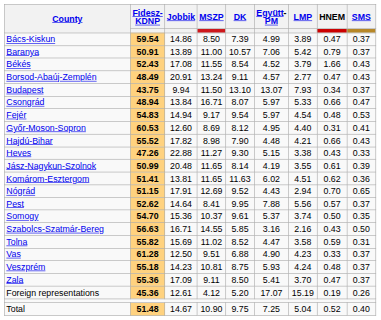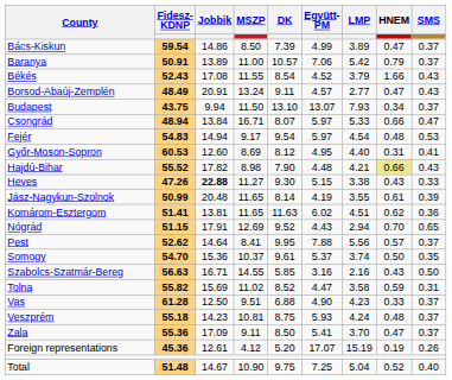 <table class="wikitable sortable" style="text-align:center;font-size:90%;line-height:14px">
 <tr style="height:40px;">
 <th style="width:200px;" rowspan="2"><a href='#'>County</a></th>
 <th style="width:40px;"><a href='#'>Fidesz-KDNP</a></th>
 <th style="width:40px;"><a href='#'>Jobbik</a></th>
 <th style="width:40px;"><a href='#'>MSZP</a></th>
 <th style="width:40px;"><a href='#'>DK</a></th>
 <th style="width:40px;"><a href='#'>Együtt</a>-<a href='#'>PM</a></th>
 <th style="width:40px;"><a href='#'>LMP</a></th>
 <th style="width:40px;">HNEM</th>
 <th style="width:40px;"><a href='#'>SMS</a></th>
 </tr>
 <tr>
 <th style="color:inherit;background:"></th>
 <th style="color:inherit;background:"></th>
 <th style="color:inherit;background:#CE171B;"></th>
 <th style="color:inherit;background:"></th>
 <th style="color:inherit;background:"></th>
 <th style="color:inherit;background:"></th>
 <th style="color:inherit;background:#CC0000;"></th>
 <th style="color:inherit;background:#b78727;"></th>
 </tr>
 <tr>
 <td align="left"><a href='#'>Bács-Kiskun</a></td>
 <td style="background:#ffd27f;"><strong>59.54</strong></td>
 <td>14.86</td>
 <td>8.50</td>
 <td>7.39</td>
 <td>4.99</td>
 <td>3.89</td>
 <td>0.47</td>
 <td>0.37</td>
 </tr>
 <tr>
 <td align="left"><a href='#'>Baranya</a></td>
 <td style="background:#ffd27f;"><strong>50.91</strong></td>
 <td>13.89</td>
 <td>11.00</td>
 <td>10.57</td>
 <td>7.06</td>
 <td>5.42</td>
 <td>0.79</td>
 <td>0.37</td>
 </tr>
 <tr>
 <td align="left"><a href='#'>Békés</a></td>
 <td style="background:#ffd27f;"><strong>52.43</strong></td>
 <td>17.08</td>
 <td>11.55</td>
 <td>8.54</td>
 <td>4.52</td>
 <td>3.79</td>
 <td>1.66</td>
 <td>0.43</td>
 </tr>
 <tr>
 <td align="left"><a href='#'>Borsod-Abaúj-Zemplén</a></td>
 <td style="background:#ffd27f;"><strong>48.49</strong></td>
 <td>20.91</td>
 <td>13.24</td>
 <td>9.11</td>
 <td>4.57</td>
 <td>2.77</td>
 <td>0.47</td>
 <td>0.43</td>
 </tr>
 <tr>
 <td align="left"><a href='#'>Budapest</a></td>
 <td style="background:#ffd27f;"><strong>43.75</strong></td>
 <td>9.94</td>
 <td>11.50</td>
 <td>13.10</td>
 <td>13.07</td>
 <td>7.93</td>
 <td>0.34</td>
 <td>0.37</td>
 </tr>
 <tr>
 <td align="left"><a href='#'>Csongrád</a></td>
 <td style="background:#ffd27f;"><strong>48.94</strong></td>
 <td>13.84</td>
 <td>16.71</td>
 <td>8.07</td>
 <td>5.97</td>
 <td>5.33</td>
 <td>0.66</td>
 <td>0.47</td>
 </tr>
 <tr>
 <td align="left"><a href='#'>Fejér</a></td>
 <td style="background:#ffd27f;"><strong>54.83</strong></td>
 <td>14.94</td>
 <td>9.17</td>
 <td>9.54</td>
 <td>5.97</td>
 <td>4.54</td>
 <td>0.48</td>
 <td>0.53</td>
 </tr>
 <tr>
 <td align="left"><a href='#'>Győr-Moson-Sopron</a></td>
 <td style="background:#ffd27f;"><strong>60.53</strong></td>
 <td>12.60</td>
 <td>8.69</td>
 <td>8.12</td>
 <td>4.95</td>
 <td>4.40</td>
 <td>0.31</td>
 <td>0.41</td>
 </tr>
 <tr>
 <td align="left"><a href='#'>Hajdú-Bihar</a></td>
 <td style="background:#ffd27f;"><strong>55.52</strong></td>
 <td>17.82</td>
 <td>8.98</td>
 <td>7.90</td>
 <td>4.48</td>
 <td>4.21</td>
-<td>0.66</td>
+<td style="background: khaki;">0.66</td>
 <td>0.43</td>
 </tr>
 <tr>
 <td align="left"><a href='#'>Heves</a></td>
 <td style="background:#ffd27f;"><strong>47.26</strong></td>
-<td>22.88</td>
+<td><strong>22.88</strong></td>
 <td>11.27</td>
 <td>9.30</td>
 <td>5.15</td>
 <td>3.38</td>
 <td>0.43</td>
 <td>0.33</td>
 </tr>
 <tr>
 <td align="left"><a href='#'>Jász-Nagykun-Szolnok</a></td>
 <td style="background:#ffd27f;"><strong>50.99</strong></td>
 <td>20.48</td>
 <td>11.65</td>
 <td>8.14</td>
 <td>4.19</td>
 <td>3.55</td>
 <td>0.61</td>
 <td>0.39</td>
 </tr>
 <tr>
 <td align="left"><a href='#'>Komárom-Esztergom</a></td>
 <td style="background:#ffd27f;"><strong>51.41</strong></td>
 <td>13.81</td>
 <td>11.65</td>
 <td>11.63</td>
 <td>6.02</td>
 <td>4.51</td>
 <td>0.62</td>
 <td>0.36</td>
 </tr>
 <tr>
 <td align="left"><a href='#'>Nógrád</a></td>
 <td style="background:#ffd27f;"><strong>51.15</strong></td>
 <td>17.91</td>
 <td>12.69</td>
 <td>9.52</td>
 <td>4.43</td>
 <td>2.94</td>
 <td>0.70</td>
 <td>0.65</td>
 </tr>
 <tr>
 <td align="left"><a href='#'>Pest</a></td>
 <td style="background:#ffd27f;"><strong>52.62</strong></td>
 <td>14.64</td>
 <td>8.41</td>
 <td>9.95</td>
 <td>7.88</td>
 <td>5.56</td>
 <td>0.57</td>
 <td>0.37</td>
 </tr>
 <tr>
 <td align="left"><a href='#'>Somogy</a></td>
 <td style="background:#ffd27f;"><strong>54.70</strong></td>
 <td>15.36</td>
 <td>10.37</td>
 <td>9.61</td>
 <td>5.37</td>
 <td>3.74</td>
 <td>0.50</td>
 <td>0.35</td>
 </tr>
 <tr>
 <td align="left"><a href='#'>Szabolcs-Szatmár-Bereg</a></td>
 <td style="background:#ffd27f;"><strong>56.63</strong></td>
 <td>16.71</td>
 <td>14.55</td>
 <td>5.85</td>
 <td>3.16</td>
 <td>2.16</td>
 <td>0.43</td>
 <td>0.50</td>
 </tr>
 <tr>
 <td align="left"><a href='#'>Tolna</a></td>
 <td style="background:#ffd27f;"><strong>55.82</strong></td>
 <td>15.69</td>
 <td>11.02</td>
 <td>8.52</td>
 <td>4.47</td>
 <td>3.58</td>
 <td>0.59</td>
 <td>0.31</td>
 </tr>
 <tr>
 <td align="left"><a href='#'>Vas</a></td>
 <td style="background:#ffd27f;"><strong>61.28</strong></td>
 <td>12.50</td>
 <td>9.51</td>
 <td>6.88</td>
 <td>4.90</td>
 <td>4.23</td>
 <td>0.33</td>
 <td>0.37</td>
 </tr>
 <tr>
 <td align="left"><a href='#'>Veszprém</a></td>
 <td style="background:#ffd27f;"><strong>55.18</strong></td>
 <td>14.23</td>
 <td>10.81</td>
 <td>8.75</td>
 <td>5.93</td>
 <td>4.24</td>
 <td>0.48</td>
 <td>0.37</td>
 </tr>
 <tr>
 <td align="left"><a href='#'>Zala</a></td>
 <td style="background:#ffd27f;"><strong>55.36</strong></td>
 <td>17.09</td>
 <td>9.11</td>
 <td>8.50</td>
 <td>5.41</td>
 <td>3.70</td>
 <td>0.47</td>
 <td>0.37</td>
 </tr>
 <tr>
 <td align="left">Foreign representations</td>
 <td style="background:#ffd27f;"><strong>45.36</strong></td>
 <td>12.61</td>
 <td>4.12</td>
 <td>5.20</td>
 <td>17.07</td>
 <td>15.19</td>
 <td>0.19</td>
 <td>0.26</td>
 </tr>
 <tr>
 <td colspan=10></td>
 </tr>
 <tr>
 <td align="left">Total</td>
 <td style="background:#ffd27f;"><strong>51.48</strong></td>
 <td>14.67</td>
 <td>10.90</td>
 <td>9.75</td>
 <td>7.25</td>
 <td>5.04</td>
 <td>0.52</td>
 <td>0.40</td>
 </tr>
 </table>
